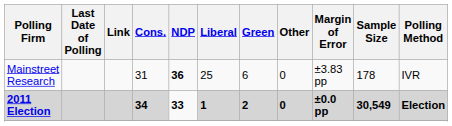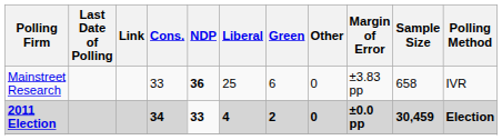 <table class="wikitable sortable">
 <tr style="background:#e9e9e9;">
 <th style="width:120px">Polling Firm</th>
 <th style="width:110px">Last Date<br>of Polling</th>
 <th style="width:60px" class="unsortable">Link</th>
 <th style="background-color:"><strong><a href='#'>Cons.</a></strong></th>
 <th style="background-color:"><strong><a href='#'>NDP</a></strong></th>
 <th style="background-color:"><strong><a href='#'>Liberal</a></strong></th>
 <th style="background-color:"><strong><a href='#'>Green</a></strong></th>
 <th style="background-color:"><strong>Other</strong></th>
 <th style="width:60px;" class=unsortable>Margin<br>of Error</th>
 <th style="width:50px;" class=unsortable>Sample<br>Size</th>
 <th class=unsortable>Polling Method</th>
 </tr>
 <tr>
 <td><a href='#'>Mainstreet Research</a></td>
 <td></td>
 <td></td>
-<td>31</td>
+<td>33</td>
 <td><strong>36</strong></td>
 <td>25</td>
 <td>6</td>
 <td>0</td>
 <td>±3.83 pp</td>
-<td>178</td>
+<td>658</td>
 <td>IVR</td>
 </tr>
 <tr>
 <td style="background:#D5D5D5"><strong><a href='#'>2011 Election</a></strong></td>
 <td style="background:#D5D5D5"><strong></strong></td>
 <td style="background:#D5D5D5"></td>
 <td style="background:#D5D5D5"><strong>34</strong></td>
 <td><strong>33</strong></td>
-<td style="background:#D5D5D5"><strong>1</strong></td>
+<td style="background:#D5D5D5"><strong>4</strong></td>
 <td style="background:#D5D5D5"><strong>2</strong></td>
 <td style="background:#D5D5D5"><strong>0</strong></td>
 <td style="background:#D5D5D5"><strong>±0.0 pp</strong></td>
-<td style="background:#D5D5D5"><strong>30,549</strong></td>
+<td style="background:#D5D5D5"><strong>30,459</strong></td>
 <td style="background:#D5D5D5"><strong>Election</strong></td>
 </tr>
 <tr>
 </tr>
 <tr>
 </tr>
 </table>
